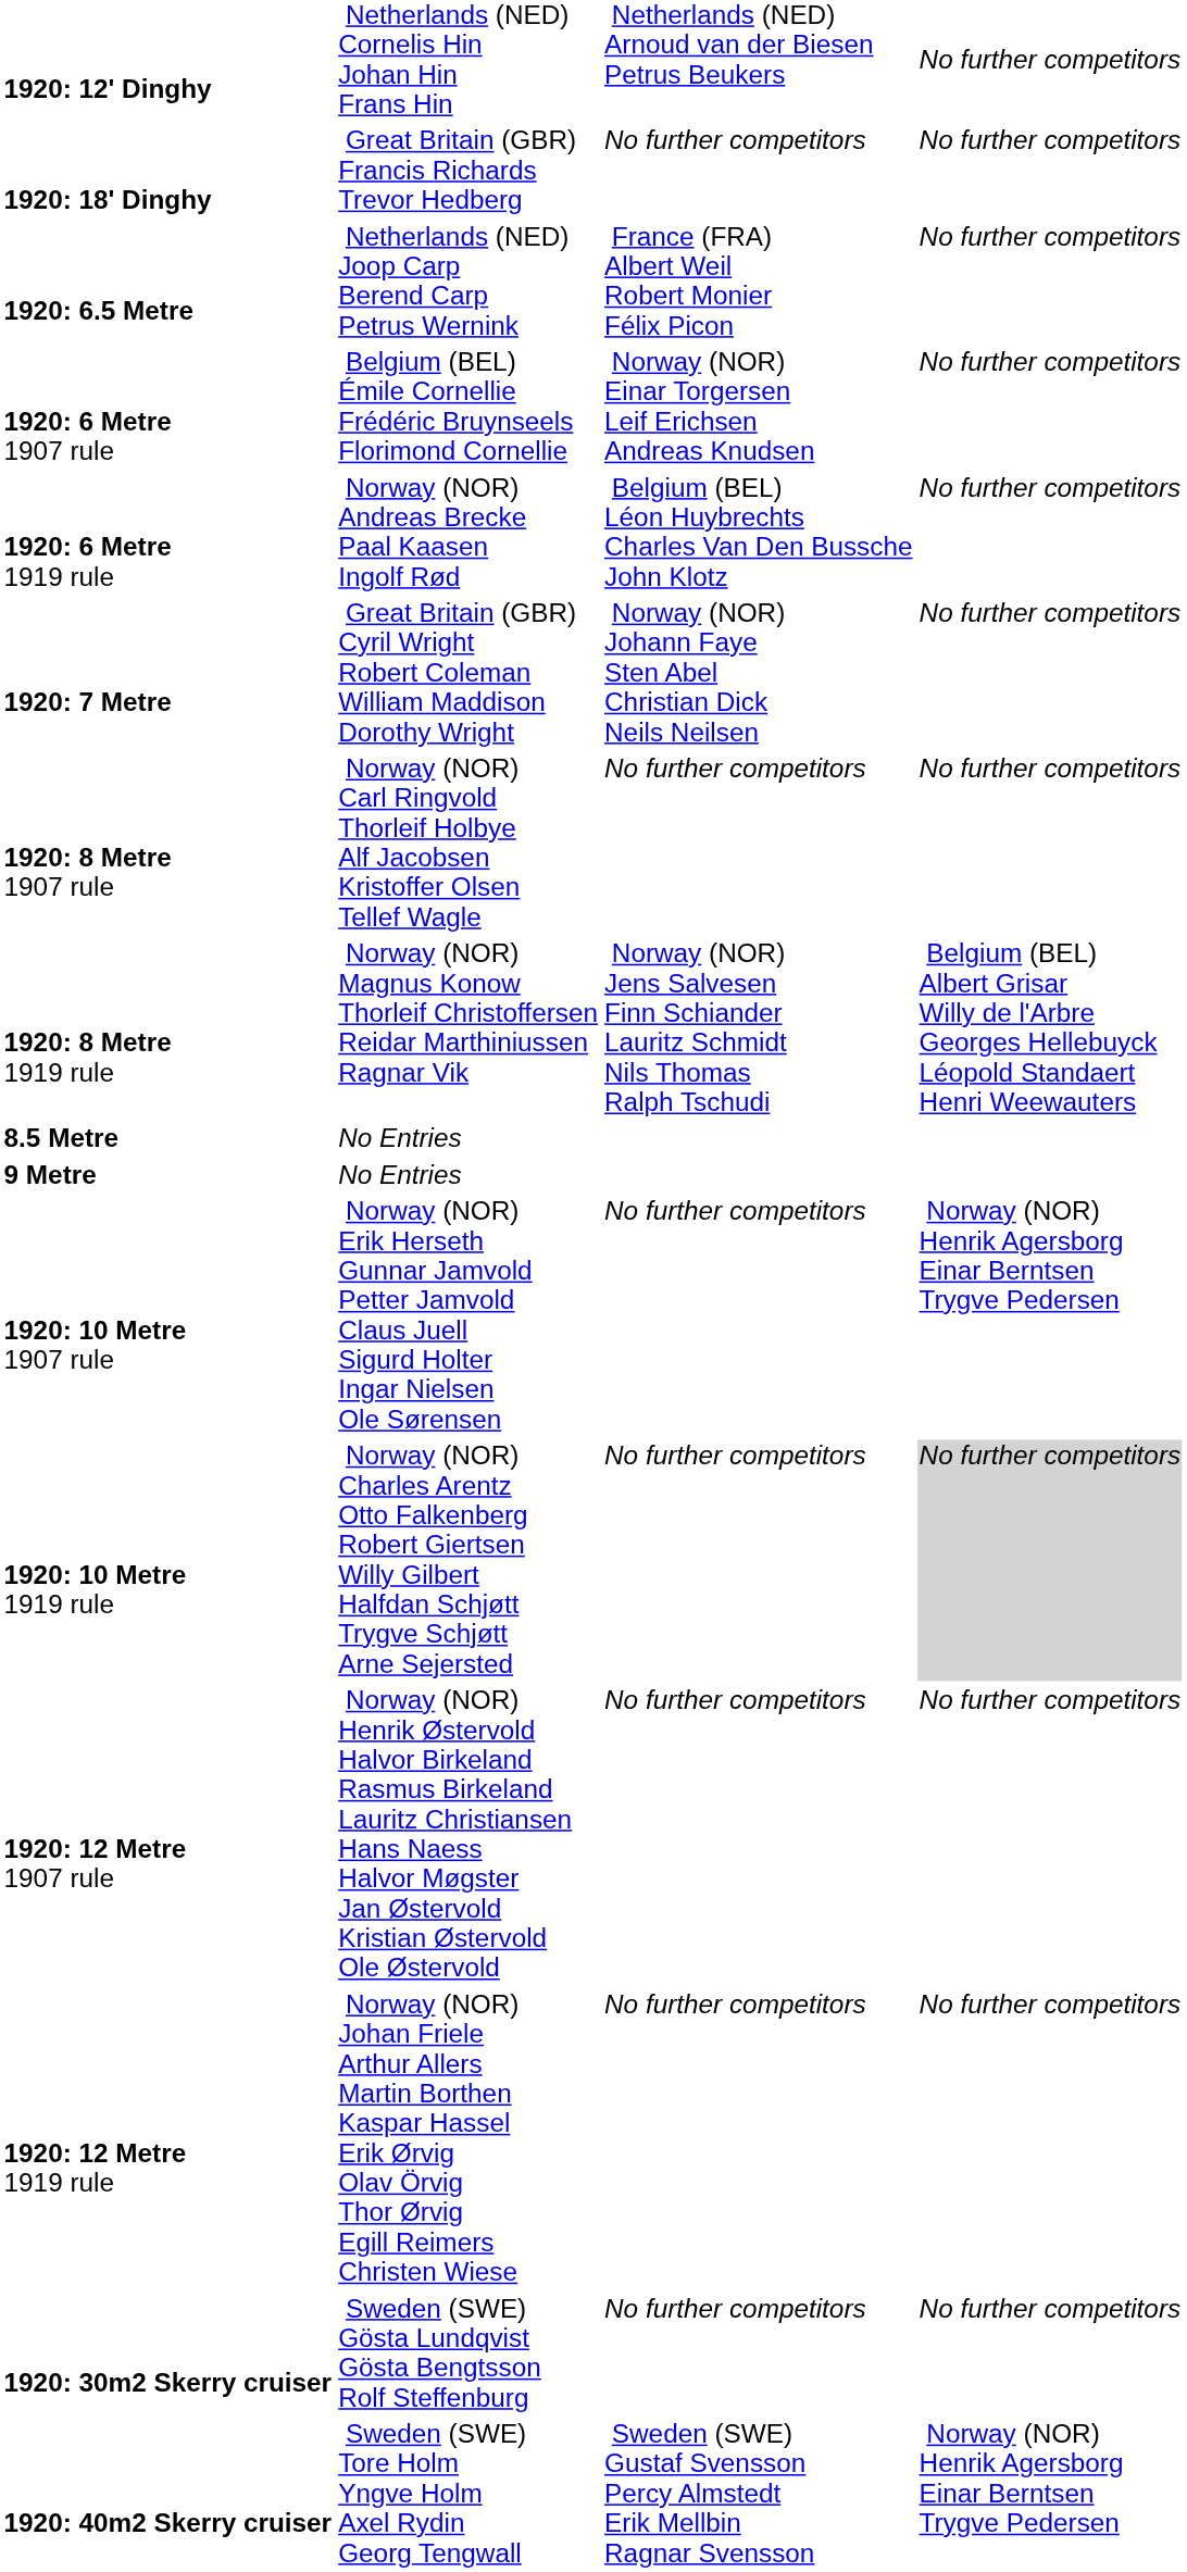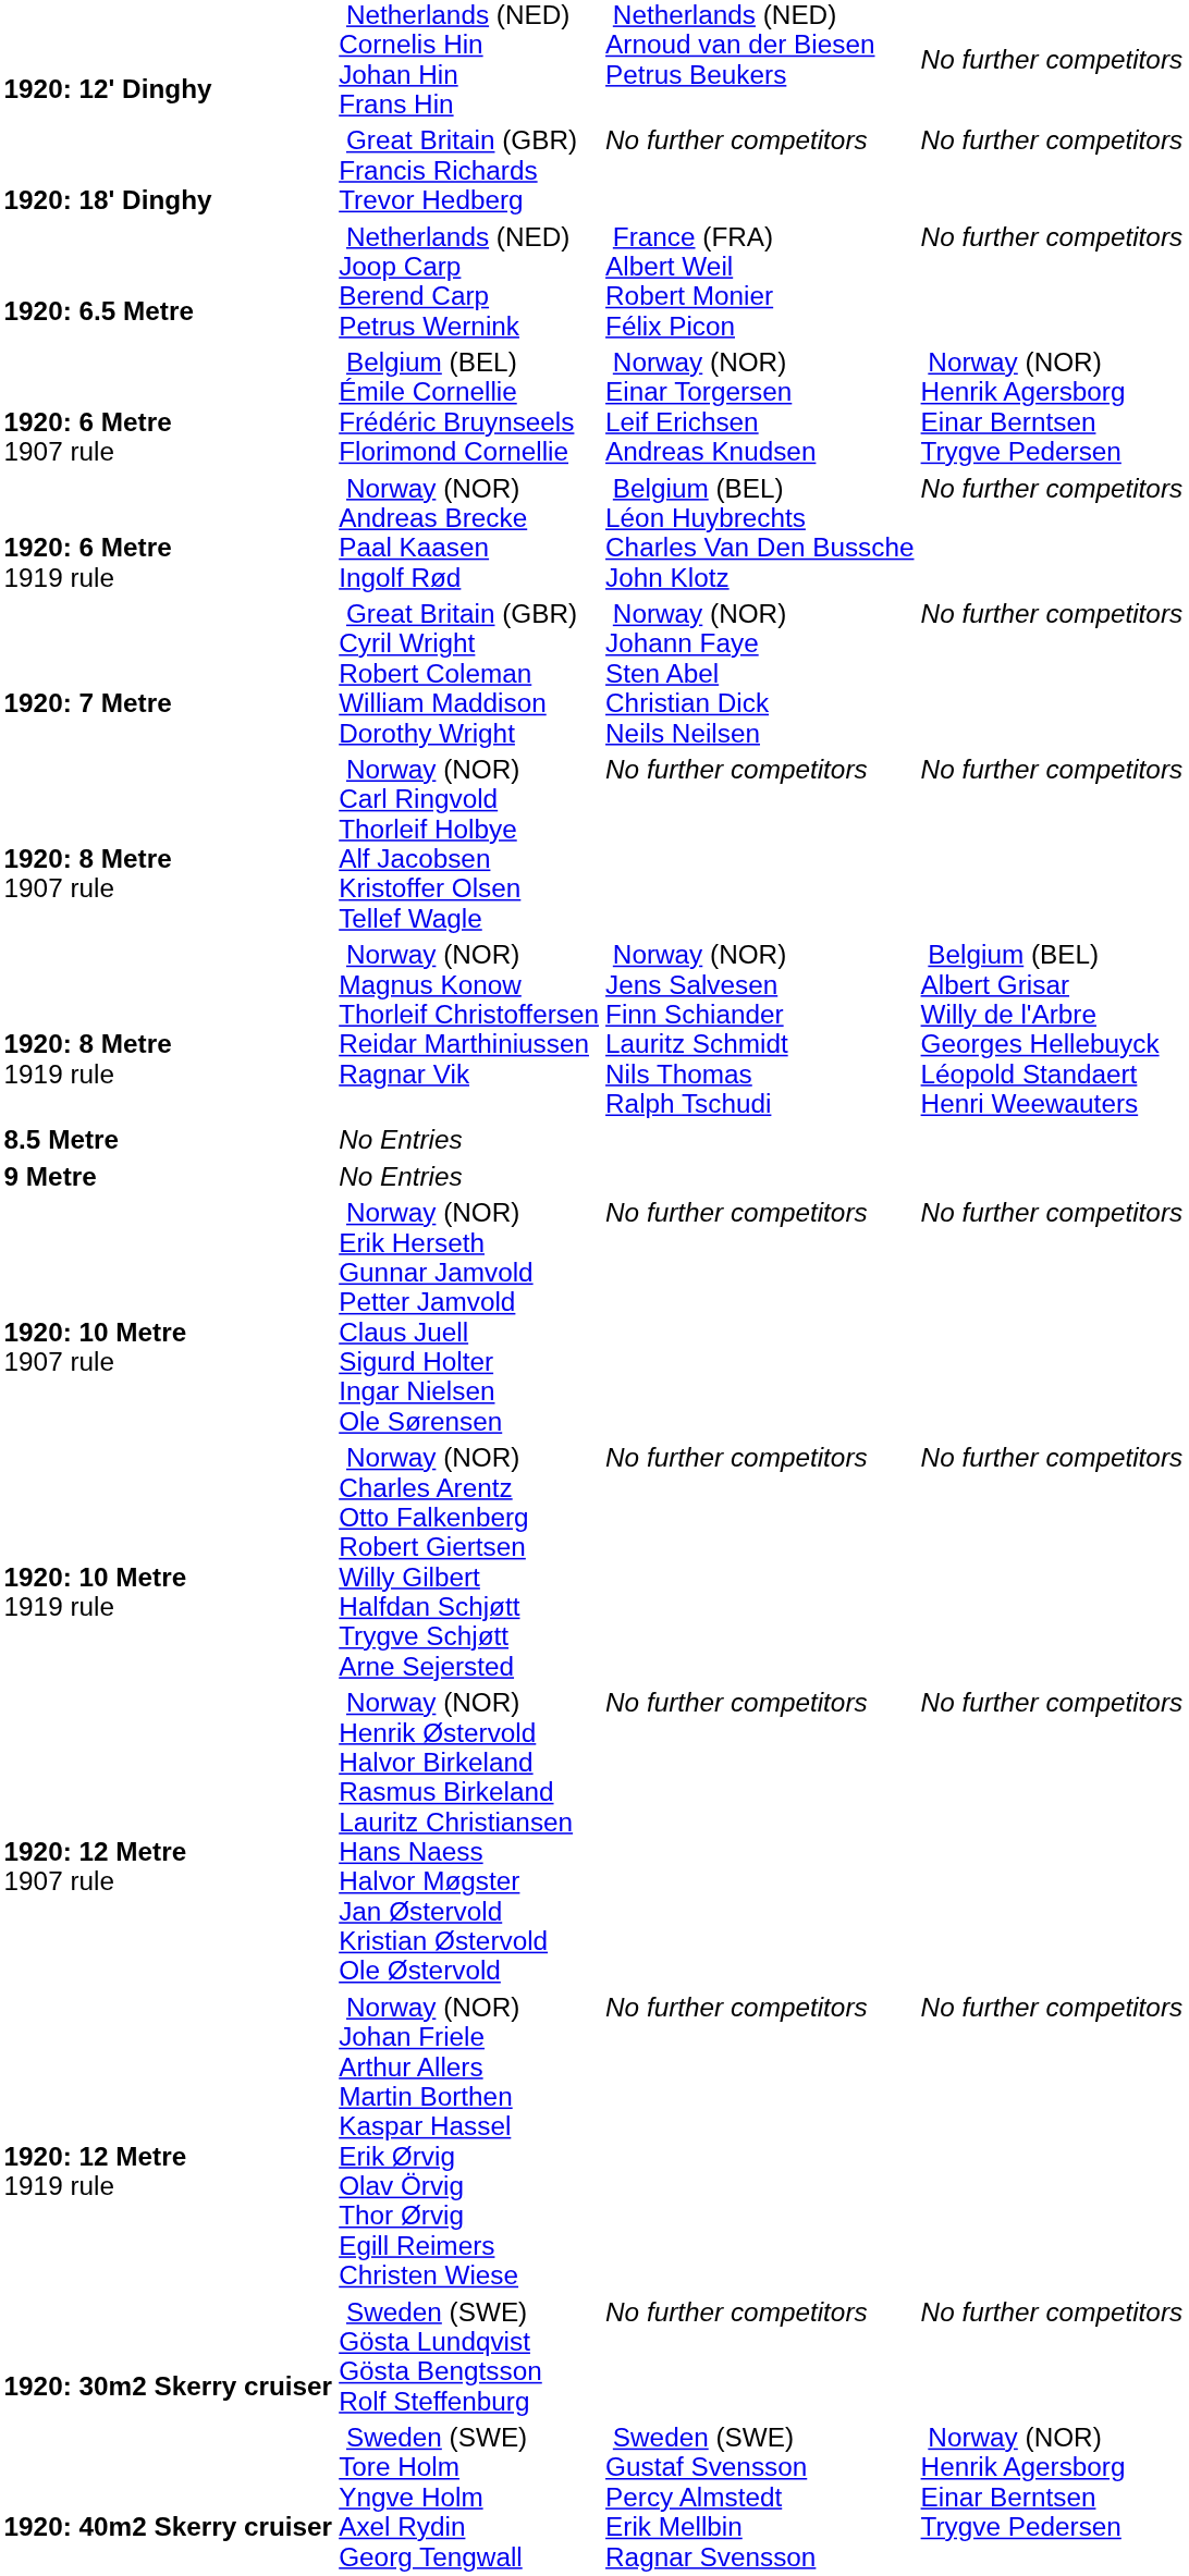 <table>
 <tr>
 <td style="align:center;"><br><br><strong>1920: 12' Dinghy</strong> <br></td>
 <td style="vertical-align:top;"> <a href='#'>Netherlands</a> <span>(NED)</span><br><a href='#'>Cornelis Hin</a><br><a href='#'>Johan Hin</a><br><a href='#'>Frans Hin</a></td>
 <td style="vertical-align:top;"> <a href='#'>Netherlands</a> <span>(NED)</span><br><a href='#'>Arnoud van der Biesen</a><br><a href='#'>Petrus Beukers</a></td>
 <td><em>No further competitors</em></td>
 </tr>
 <tr>
 <td style="align:center;"><br><br><strong>1920: 18' Dinghy</strong> <br></td>
 <td style="vertical-align:top;"> <a href='#'>Great Britain</a> <span>(GBR)</span><br><a href='#'>Francis Richards</a><br><a href='#'>Trevor Hedberg</a></td>
 <td style="vertical-align:top;"><em>No further competitors</em></td>
 <td style="vertical-align:top;"><em>No further competitors</em></td>
 </tr>
 <tr>
 <td style="align:center;"><br><br><strong>1920: 6.5 Metre</strong> <br></td>
 <td style="vertical-align:top;"> <a href='#'>Netherlands</a> <span>(NED)</span><br><a href='#'>Joop Carp</a><br><a href='#'>Berend Carp</a><br><a href='#'>Petrus Wernink</a></td>
 <td style="vertical-align:top;"> <a href='#'>France</a> <span>(FRA)</span><br><a href='#'>Albert Weil</a><br><a href='#'>Robert Monier</a><br><a href='#'>Félix Picon</a></td>
 <td style="vertical-align:top;"><em>No further competitors</em></td>
 </tr>
 <tr>
 <td style="align:center;"><br><br><strong>1920: 6 Metre</strong> <br>1907 rule<br></td>
 <td style="vertical-align:top;"> <a href='#'>Belgium</a> <span>(BEL)</span><br><a href='#'>Émile Cornellie</a><br><a href='#'>Frédéric Bruynseels</a><br><a href='#'>Florimond Cornellie</a></td>
 <td style="vertical-align:top;"> <a href='#'>Norway</a> <span>(NOR)</span><br><a href='#'>Einar Torgersen</a><br><a href='#'>Leif Erichsen</a><br><a href='#'>Andreas Knudsen</a></td>
-<td style="vertical-align:top;"><em>No further competitors</em></td>
+<td style="vertical-align:top;"> <a href='#'>Norway</a> <span>(NOR)</span><br><a href='#'>Henrik Agersborg</a><br><a href='#'>Einar Berntsen</a><br><a href='#'>Trygve Pedersen</a></td>
 </tr>
 <tr>
 <td style="align:center;"><br><br><strong>1920: 6 Metre</strong> <br>1919 rule<br></td>
 <td style="vertical-align:top;"> <a href='#'>Norway</a> <span>(NOR)</span><br><a href='#'>Andreas Brecke</a><br><a href='#'>Paal Kaasen</a><br><a href='#'>Ingolf Rød</a></td>
 <td style="vertical-align:top;"> <a href='#'>Belgium</a> <span>(BEL)</span><br><a href='#'>Léon Huybrechts</a><br><a href='#'>Charles Van Den Bussche</a><br><a href='#'>John Klotz</a></td>
 <td style="vertical-align:top;"><em>No further competitors</em></td>
 </tr>
 <tr>
 <td style="align:center;"><br><br><strong>1920: 7 Metre</strong> <br></td>
 <td style="vertical-align:top;"> <a href='#'>Great Britain</a> <span>(GBR)</span><br><a href='#'>Cyril Wright</a><br><a href='#'>Robert Coleman</a><br><a href='#'>William Maddison</a><br><a href='#'>Dorothy Wright</a></td>
 <td style="vertical-align:top;"> <a href='#'>Norway</a> <span>(NOR)</span><br><a href='#'>Johann Faye</a><br><a href='#'>Sten Abel</a><br><a href='#'>Christian Dick</a><br><a href='#'>Neils Neilsen</a></td>
 <td style="vertical-align:top;"><em>No further competitors</em></td>
 </tr>
 <tr>
 <td style="align:center;"><br><br><strong>1920: 8 Metre</strong> <br>1907 rule<br></td>
 <td style="vertical-align:top;"> <a href='#'>Norway</a> <span>(NOR)</span><br><a href='#'>Carl Ringvold</a><br><a href='#'>Thorleif Holbye</a><br><a href='#'>Alf Jacobsen</a><br><a href='#'>Kristoffer Olsen</a><br><a href='#'>Tellef Wagle</a></td>
 <td style="vertical-align:top;"><em>No further competitors</em></td>
 <td style="vertical-align:top;"><em>No further competitors</em></td>
 </tr>
 <tr>
 <td style="align:center;"><br><br><strong>1920: 8 Metre</strong> <br>1919 rule<br></td>
 <td style="vertical-align:top;"> <a href='#'>Norway</a> <span>(NOR)</span><br><a href='#'>Magnus Konow</a><br><a href='#'>Thorleif Christoffersen</a><br><a href='#'>Reidar Marthiniussen</a><br><a href='#'>Ragnar Vik</a></td>
 <td style="vertical-align:top;"> <a href='#'>Norway</a> <span>(NOR)</span><br><a href='#'>Jens Salvesen</a><br><a href='#'>Finn Schiander</a><br><a href='#'>Lauritz Schmidt</a><br><a href='#'>Nils Thomas</a><br><a href='#'>Ralph Tschudi</a></td>
 <td style="vertical-align:top;"> <a href='#'>Belgium</a> <span>(BEL)</span><br><a href='#'>Albert Grisar</a><br><a href='#'>Willy de l'Arbre</a><br><a href='#'>Georges Hellebuyck</a><br><a href='#'>Léopold Standaert</a><br><a href='#'>Henri Weewauters</a></td>
 </tr>
 <tr>
 <td style="align:center;"><strong>8.5 Metre</strong></td>
 <td colspan=3><em>No Entries</em></td>
 </tr>
 <tr>
 <td style="align:center;"><strong>9 Metre</strong></td>
 <td colspan=3><em>No Entries</em></td>
 </tr>
 <tr>
 <td style="align:center;"><br><br><strong>1920: 10 Metre</strong> <br>1907 rule<br></td>
 <td style="vertical-align:top;"> <a href='#'>Norway</a> <span>(NOR)</span><br><a href='#'>Erik Herseth</a><br><a href='#'>Gunnar Jamvold</a><br><a href='#'>Petter Jamvold</a><br><a href='#'>Claus Juell</a><br><a href='#'>Sigurd Holter</a><br><a href='#'>Ingar Nielsen</a><br><a href='#'>Ole Sørensen</a></td>
 <td style="vertical-align:top;"><em>No further competitors</em></td>
-<td style="vertical-align:top;"> <a href='#'>Norway</a> <span>(NOR)</span><br><a href='#'>Henrik Agersborg</a><br><a href='#'>Einar Berntsen</a><br><a href='#'>Trygve Pedersen</a></td>
+<td style="vertical-align:top;"><em>No further competitors</em></td>
 </tr>
 <tr>
 <td style="align:center;"><br><br><strong>1920: 10 Metre</strong> <br>1919 rule<br></td>
 <td style="vertical-align:top;"> <a href='#'>Norway</a> <span>(NOR)</span><br><a href='#'>Charles Arentz</a><br><a href='#'>Otto Falkenberg</a><br><a href='#'>Robert Giertsen</a><br><a href='#'>Willy Gilbert</a><br><a href='#'>Halfdan Schjøtt</a><br><a href='#'>Trygve Schjøtt</a><br><a href='#'>Arne Sejersted</a></td>
 <td style="vertical-align:top;"><em>No further competitors</em></td>
-<td style="background: lightgrey; vertical-align:top;"><em>No further competitors</em></td>
+<td style="vertical-align:top;"><em>No further competitors</em></td>
 </tr>
 <tr>
 <td style="align:center;"><br><br><strong>1920: 12 Metre</strong> <br>1907 rule<br></td>
 <td style="vertical-align:top;"> <a href='#'>Norway</a> <span>(NOR)</span><br><a href='#'>Henrik Østervold</a><br><a href='#'>Halvor Birkeland</a><br><a href='#'>Rasmus Birkeland</a><br><a href='#'>Lauritz Christiansen</a><br><a href='#'>Hans Naess</a><br><a href='#'>Halvor Møgster</a><br><a href='#'>Jan Østervold</a><br><a href='#'>Kristian Østervold</a><br><a href='#'>Ole Østervold</a></td>
 <td style="vertical-align:top;"><em>No further competitors</em></td>
 <td style="vertical-align:top;"><em>No further competitors</em></td>
 </tr>
 <tr>
 <td style="align:center;"><br><br><strong>1920: 12 Metre</strong> <br>1919 rule<br></td>
 <td style="vertical-align:top;"> <a href='#'>Norway</a> <span>(NOR)</span><br><a href='#'>Johan Friele</a><br><a href='#'>Arthur Allers</a><br><a href='#'>Martin Borthen</a><br><a href='#'>Kaspar Hassel</a><br><a href='#'>Erik Ørvig</a><br><a href='#'>Olav Örvig</a><br><a href='#'>Thor Ørvig</a><br><a href='#'>Egill Reimers</a><br><a href='#'>Christen Wiese</a></td>
 <td style="vertical-align:top;"><em>No further competitors</em></td>
 <td style="vertical-align:top;"><em>No further competitors</em></td>
 </tr>
 <tr>
 <td style="align:center;"><br><br><strong>1920: 30m2 Skerry cruiser</strong> <br></td>
 <td style="vertical-align:top;"> <a href='#'>Sweden</a> <span>(SWE)</span><br><a href='#'>Gösta Lundqvist</a><br><a href='#'>Gösta Bengtsson</a><br><a href='#'>Rolf Steffenburg</a></td>
 <td style="vertical-align:top;"><em>No further competitors</em></td>
 <td style="vertical-align:top;"><em>No further competitors</em></td>
 </tr>
 <tr>
 <td style="align:center;"><br><br><strong>1920: 40m2 Skerry cruiser</strong> <br></td>
 <td style="vertical-align:top;"> <a href='#'>Sweden</a> <span>(SWE)</span><br><a href='#'>Tore Holm</a><br><a href='#'>Yngve Holm</a><br><a href='#'>Axel Rydin</a><br><a href='#'>Georg Tengwall</a></td>
 <td style="vertical-align:top;"> <a href='#'>Sweden</a> <span>(SWE)</span><br><a href='#'>Gustaf Svensson</a><br><a href='#'>Percy Almstedt</a><br><a href='#'>Erik Mellbin</a><br><a href='#'>Ragnar Svensson</a></td>
 <td style="vertical-align:top;"> <a href='#'>Norway</a> <span>(NOR)</span><br><a href='#'>Henrik Agersborg</a><br><a href='#'>Einar Berntsen</a><br><a href='#'>Trygve Pedersen</a></td>
 </tr>
 </table>
